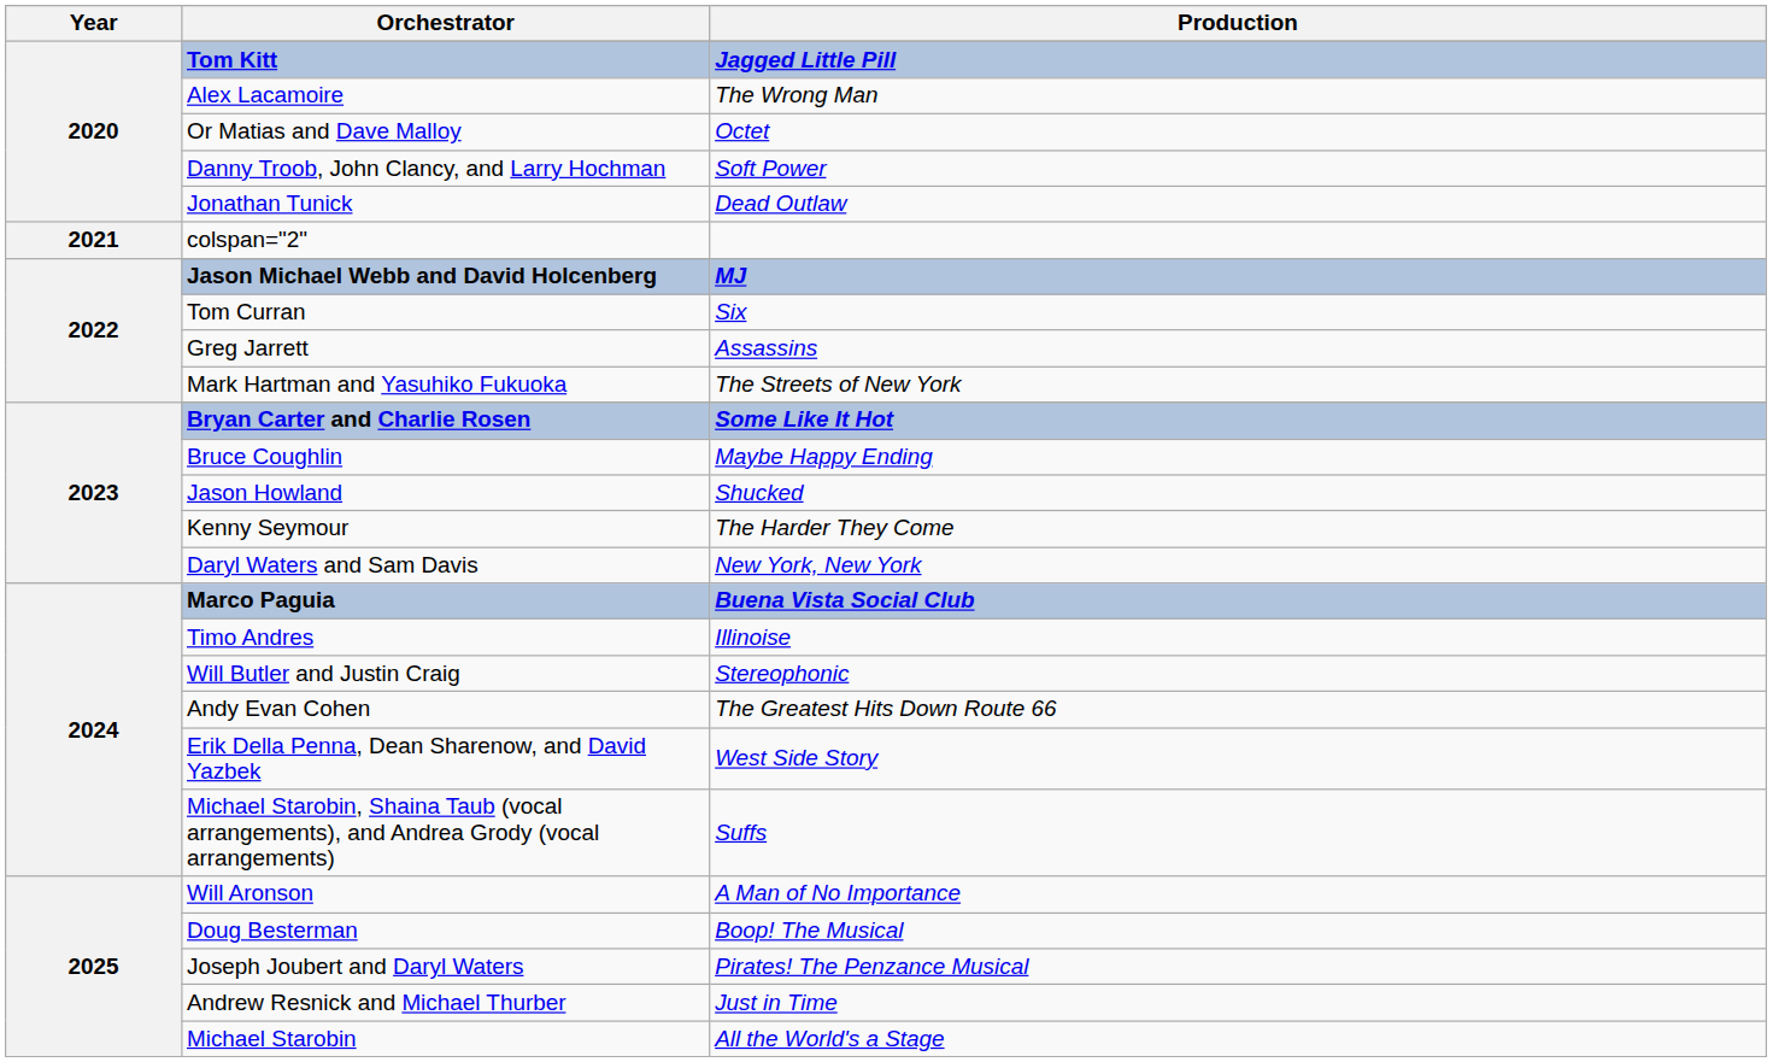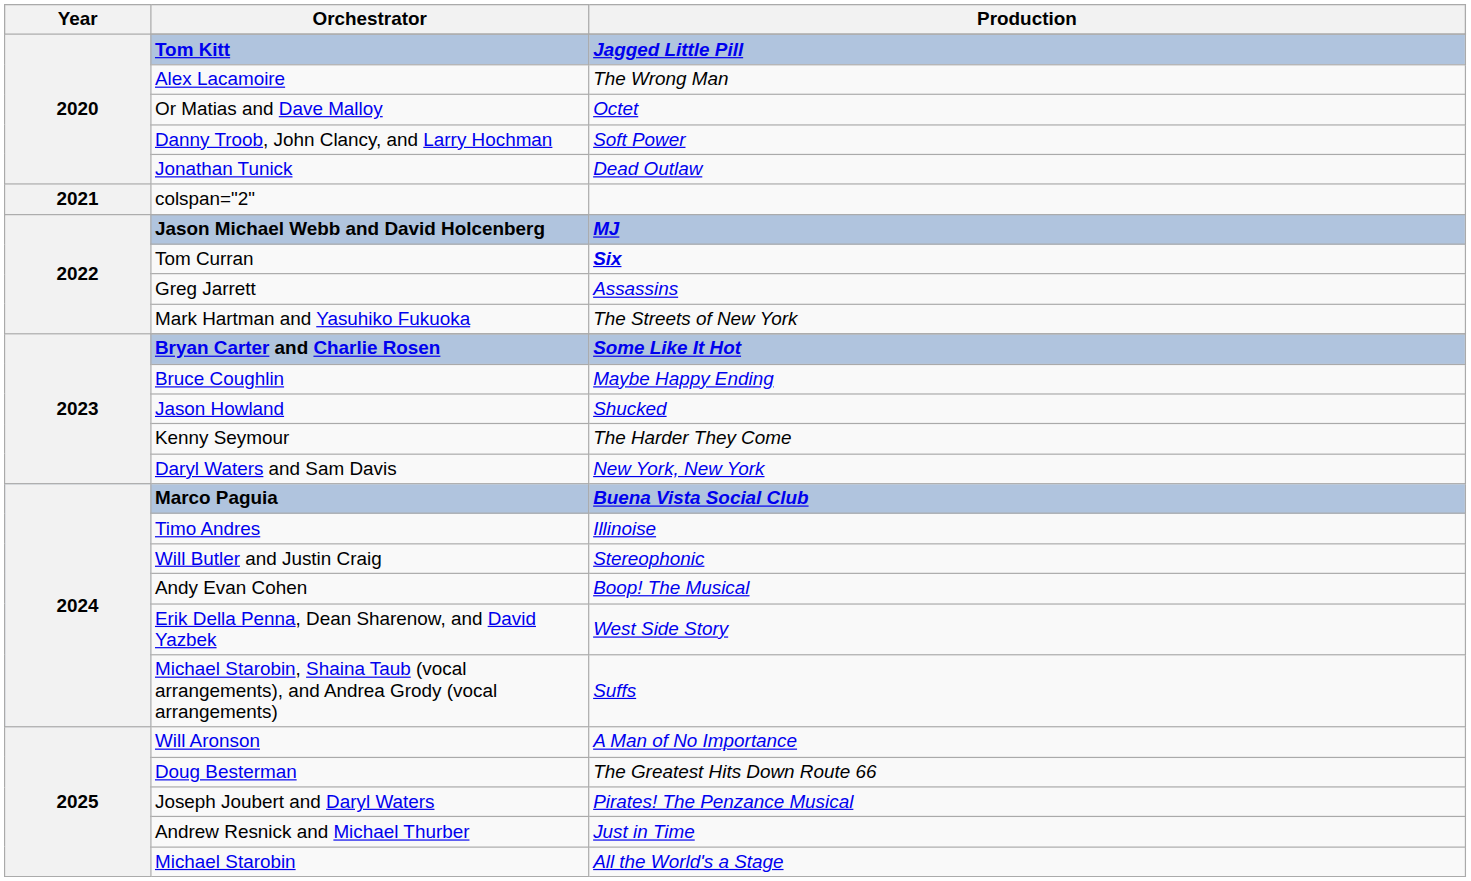 <table class="wikitable" style="width:98%;">
 <tr style="background:#bebebe;">
 <th style="width:10%;">Year</th>
 <th style="width:30%;">Orchestrator</th>
 <th style="width:60%;">Production</th>
 </tr>
 <tr>
 <th rowspan="6">2020</th>
 </tr>
 <tr style="background:#B0C4DE">
 <td><strong><a href='#'>Tom Kitt</a></strong></td>
 <td><strong><em><a href='#'>Jagged Little Pill</a></em></strong></td>
 </tr>
 <tr>
 <td><a href='#'>Alex Lacamoire</a></td>
 <td><em>The Wrong Man</em></td>
 </tr>
 <tr>
 <td>Or Matias and <a href='#'>Dave Malloy</a></td>
 <td><em><a href='#'>Octet</a></em></td>
 </tr>
 <tr>
 <td><a href='#'>Danny Troob</a>, John Clancy, and <a href='#'>Larry Hochman</a></td>
 <td><em><a href='#'>Soft Power</a></em></td>
 </tr>
 <tr>
 <td><a href='#'>Jonathan Tunick</a></td>
 <td><em><a href='#'>Dead Outlaw</a></em></td>
 </tr>
 <tr>
 <th>2021</th>
 <td>colspan="2" </td>
 </tr>
 <tr>
 <th rowspan="5">2022</th>
 </tr>
 <tr style="background:#B0C4DE">
 <td><strong>Jason Michael Webb and David Holcenberg</strong></td>
 <td><strong><em><a href='#'>MJ</a></em></strong></td>
 </tr>
 <tr>
 <td>Tom Curran</td>
-<td><em><a href='#'>Six</a></em></td>
+<td><strong><em><a href='#'>Six</a></em></strong></td>
 </tr>
 <tr>
 <td>Greg Jarrett</td>
 <td><em><a href='#'>Assassins</a></em></td>
 </tr>
 <tr>
 <td>Mark Hartman and <a href='#'>Yasuhiko Fukuoka</a></td>
 <td><em>The Streets of New York</em></td>
 </tr>
 <tr>
 <th rowspan="6">2023</th>
 </tr>
 <tr style="background:#B0C4DE">
 <td><strong><a href='#'>Bryan Carter</a> and <a href='#'>Charlie Rosen</a></strong></td>
 <td><strong><a href='#'><em>Some Like It Hot</em></a></strong></td>
 </tr>
 <tr>
 <td><a href='#'>Bruce Coughlin</a></td>
 <td><em><a href='#'>Maybe Happy Ending</a></em></td>
 </tr>
 <tr>
 <td><a href='#'>Jason Howland</a></td>
 <td><em><a href='#'>Shucked</a></em></td>
 </tr>
 <tr>
 <td>Kenny Seymour</td>
 <td><em>The Harder They Come</em></td>
 </tr>
 <tr>
 <td><a href='#'>Daryl Waters</a> and Sam Davis</td>
 <td><a href='#'><em>New York, New York</em></a></td>
 </tr>
 <tr style="background:#B0C4DE">
 <th rowspan="6">2024</th>
 <td><strong>Marco Paguia</strong></td>
 <td><strong><em><a href='#'>Buena Vista Social Club</a></em></strong></td>
 </tr>
 <tr>
 <td><a href='#'>Timo Andres</a></td>
 <td><em><a href='#'>Illinoise</a></em></td>
 </tr>
 <tr>
 <td><a href='#'>Will Butler</a> and Justin Craig</td>
 <td><em><a href='#'> Stereophonic</a></em></td>
 </tr>
 <tr>
 <td>Andy Evan Cohen</td>
-<td><em>The Greatest Hits Down Route 66</em></td>
+<td><em><a href='#'>Boop! The Musical</a></em></td>
 </tr>
 <tr>
 <td><a href='#'>Erik Della Penna</a>, Dean Sharenow, and <a href='#'>David Yazbek</a></td>
 <td><em><a href='#'>West Side Story</a></em></td>
 </tr>
 <tr>
 <td><a href='#'>Michael Starobin</a>, <a href='#'>Shaina Taub</a> (vocal arrangements), and Andrea Grody (vocal arrangements)</td>
 <td><em><a href='#'>Suffs</a></em></td>
 </tr>
 <tr>
 <th rowspan=5>2025</th>
 <td><a href='#'>Will Aronson</a></td>
 <td><a href='#'><em>A Man of No Importance</em></a></td>
 </tr>
 <tr>
 <td><a href='#'>Doug Besterman</a></td>
-<td><em><a href='#'>Boop! The Musical</a></em></td>
+<td><em>The Greatest Hits Down Route 66</em></td>
 </tr>
 <tr>
 <td>Joseph Joubert and <a href='#'>Daryl Waters</a></td>
 <td><em><a href='#'>Pirates! The Penzance Musical</a></em></td>
 </tr>
 <tr>
 <td>Andrew Resnick and <a href='#'>Michael Thurber</a></td>
 <td><em><a href='#'>Just in Time</a></em></td>
 </tr>
 <tr>
 <td><a href='#'>Michael Starobin</a></td>
 <td><em><a href='#'>All the World's a Stage</a></em></td>
 </tr>
 </table>
